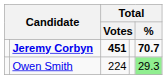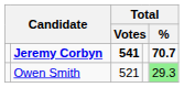 <table class="wikitable" style="font-size:95%;">
 <tr>
 <th colspan="2" scope="col" rowspan="2" width="125">Candidate</th>
 <th scope="col" colspan="3" width="75">Total</th>
 </tr>
 <tr>
 <th scope="col" colspan="2">Votes</th>
 <th>%</th>
 </tr>
 <tr align="right">
 <td style="background-color: "></td>
 <td scope="row" align="left"><strong><a href='#'>Jeremy Corbyn</a></strong></td>
-<td><strong>451</strong></td>
+<td><strong>541</strong></td>
 <td align=center></td>
 <td><strong>70.7</strong></td>
 </tr>
 <tr align="right">
 <td style="background-color: "></td>
 <td scope="row" align="left"><a href='#'>Owen Smith</a></td>
-<td>224</td>
+<td>521</td>
 <td align=center></td>
 <td style="background: lightgreen;">29.3</td>
 </tr>
 </table>
